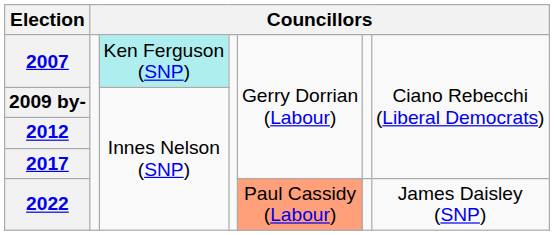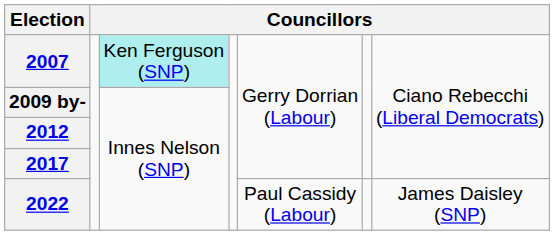 <table class="wikitable" style="text-align:center">
 <tr>
 <th>Election</th>
 <th colspan=8>Councillors</th>
 </tr>
 <tr>
 <th><a href='#'>2007</a></th>
 <td rowspan=5; style="background-color: "></td>
 <td rowspan=1 style="background: paleturquoise;">Ken Ferguson<br>(<a href='#'>SNP</a>)</td>
 <td rowspan=5; style="background-color: "></td>
 <td rowspan=4>Gerry Dorrian<br>(<a href='#'>Labour</a>)</td>
 <td rowspan=4; style="background-color: "></td>
 <td rowspan=4>Ciano Rebecchi<br>(<a href='#'>Liberal Democrats</a>)</td>
 </tr>
 <tr>
 <th>2009 by-</th>
 <td rowspan=4>Innes Nelson<br>(<a href='#'>SNP</a>)</td>
 </tr>
 <tr>
 <th><a href='#'>2012</a></th>
 </tr>
 <tr>
 <th><a href='#'>2017</a></th>
 </tr>
 <tr>
 <th><a href='#'>2022</a></th>
-<td rowspan=1 style="background: lightsalmon;">Paul Cassidy<br>(<a href='#'>Labour</a>)</td>
+<td rowspan=1>Paul Cassidy<br>(<a href='#'>Labour</a>)</td>
 <td rowspan=1; style="background-color: "></td>
 <td rowspan=1>James Daisley<br>(<a href='#'>SNP</a>)</td>
 </tr>
 </table>
